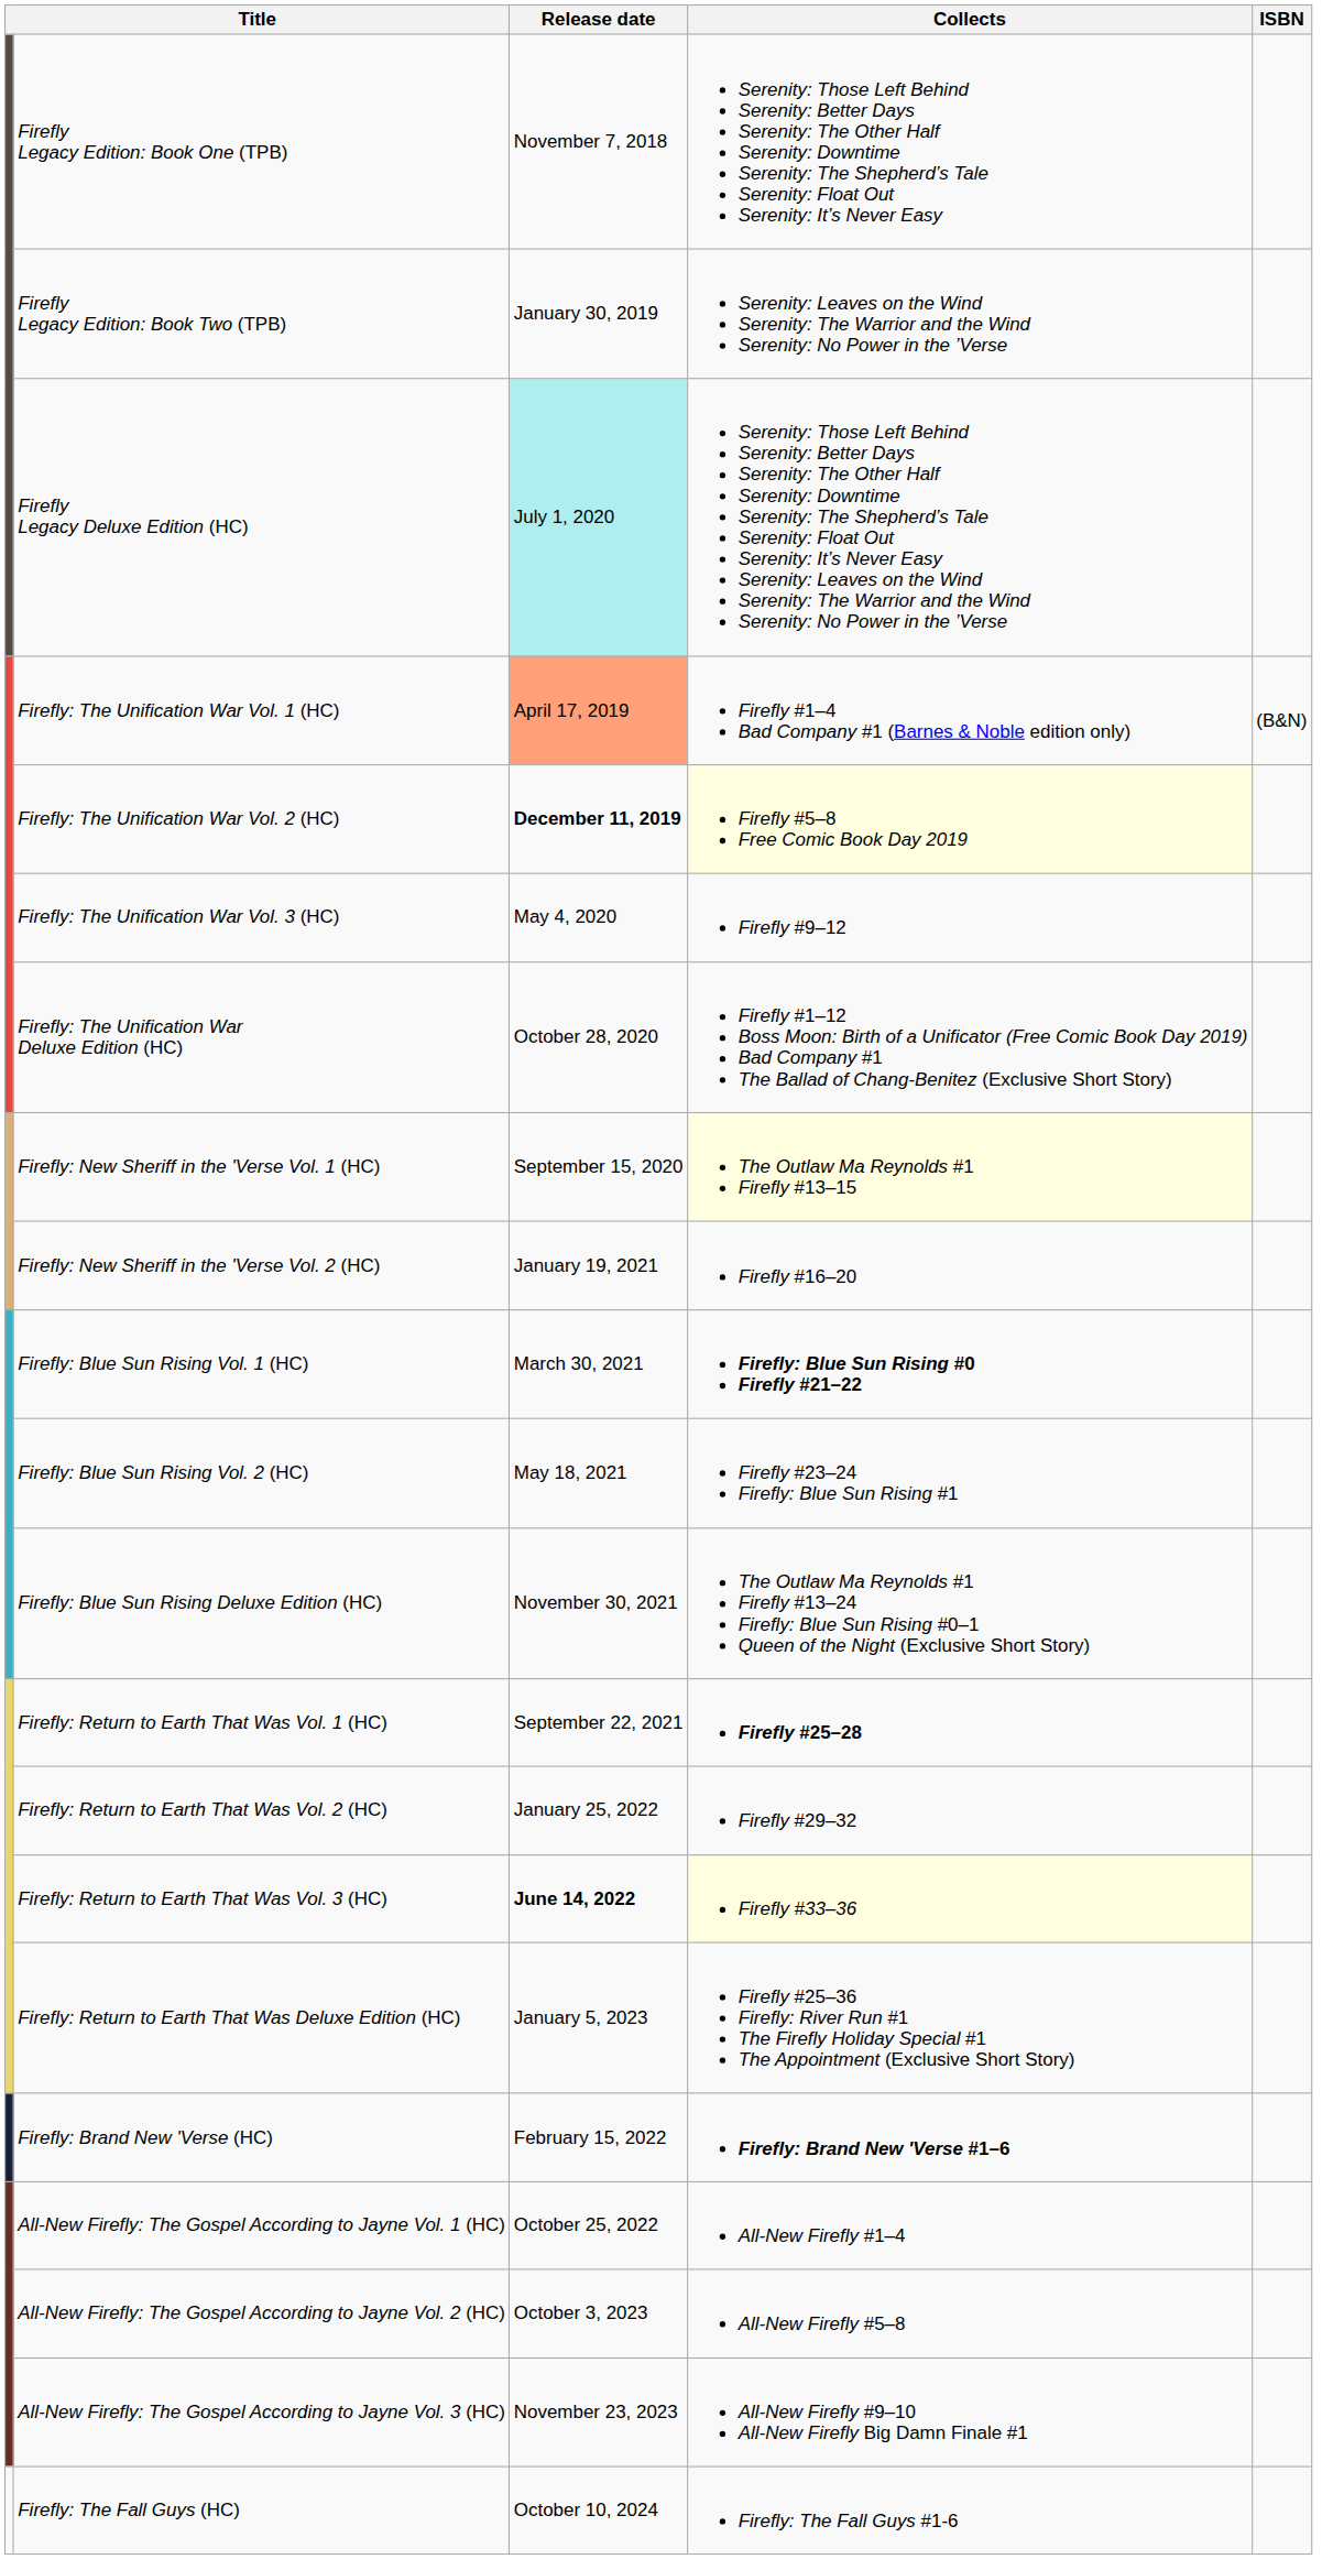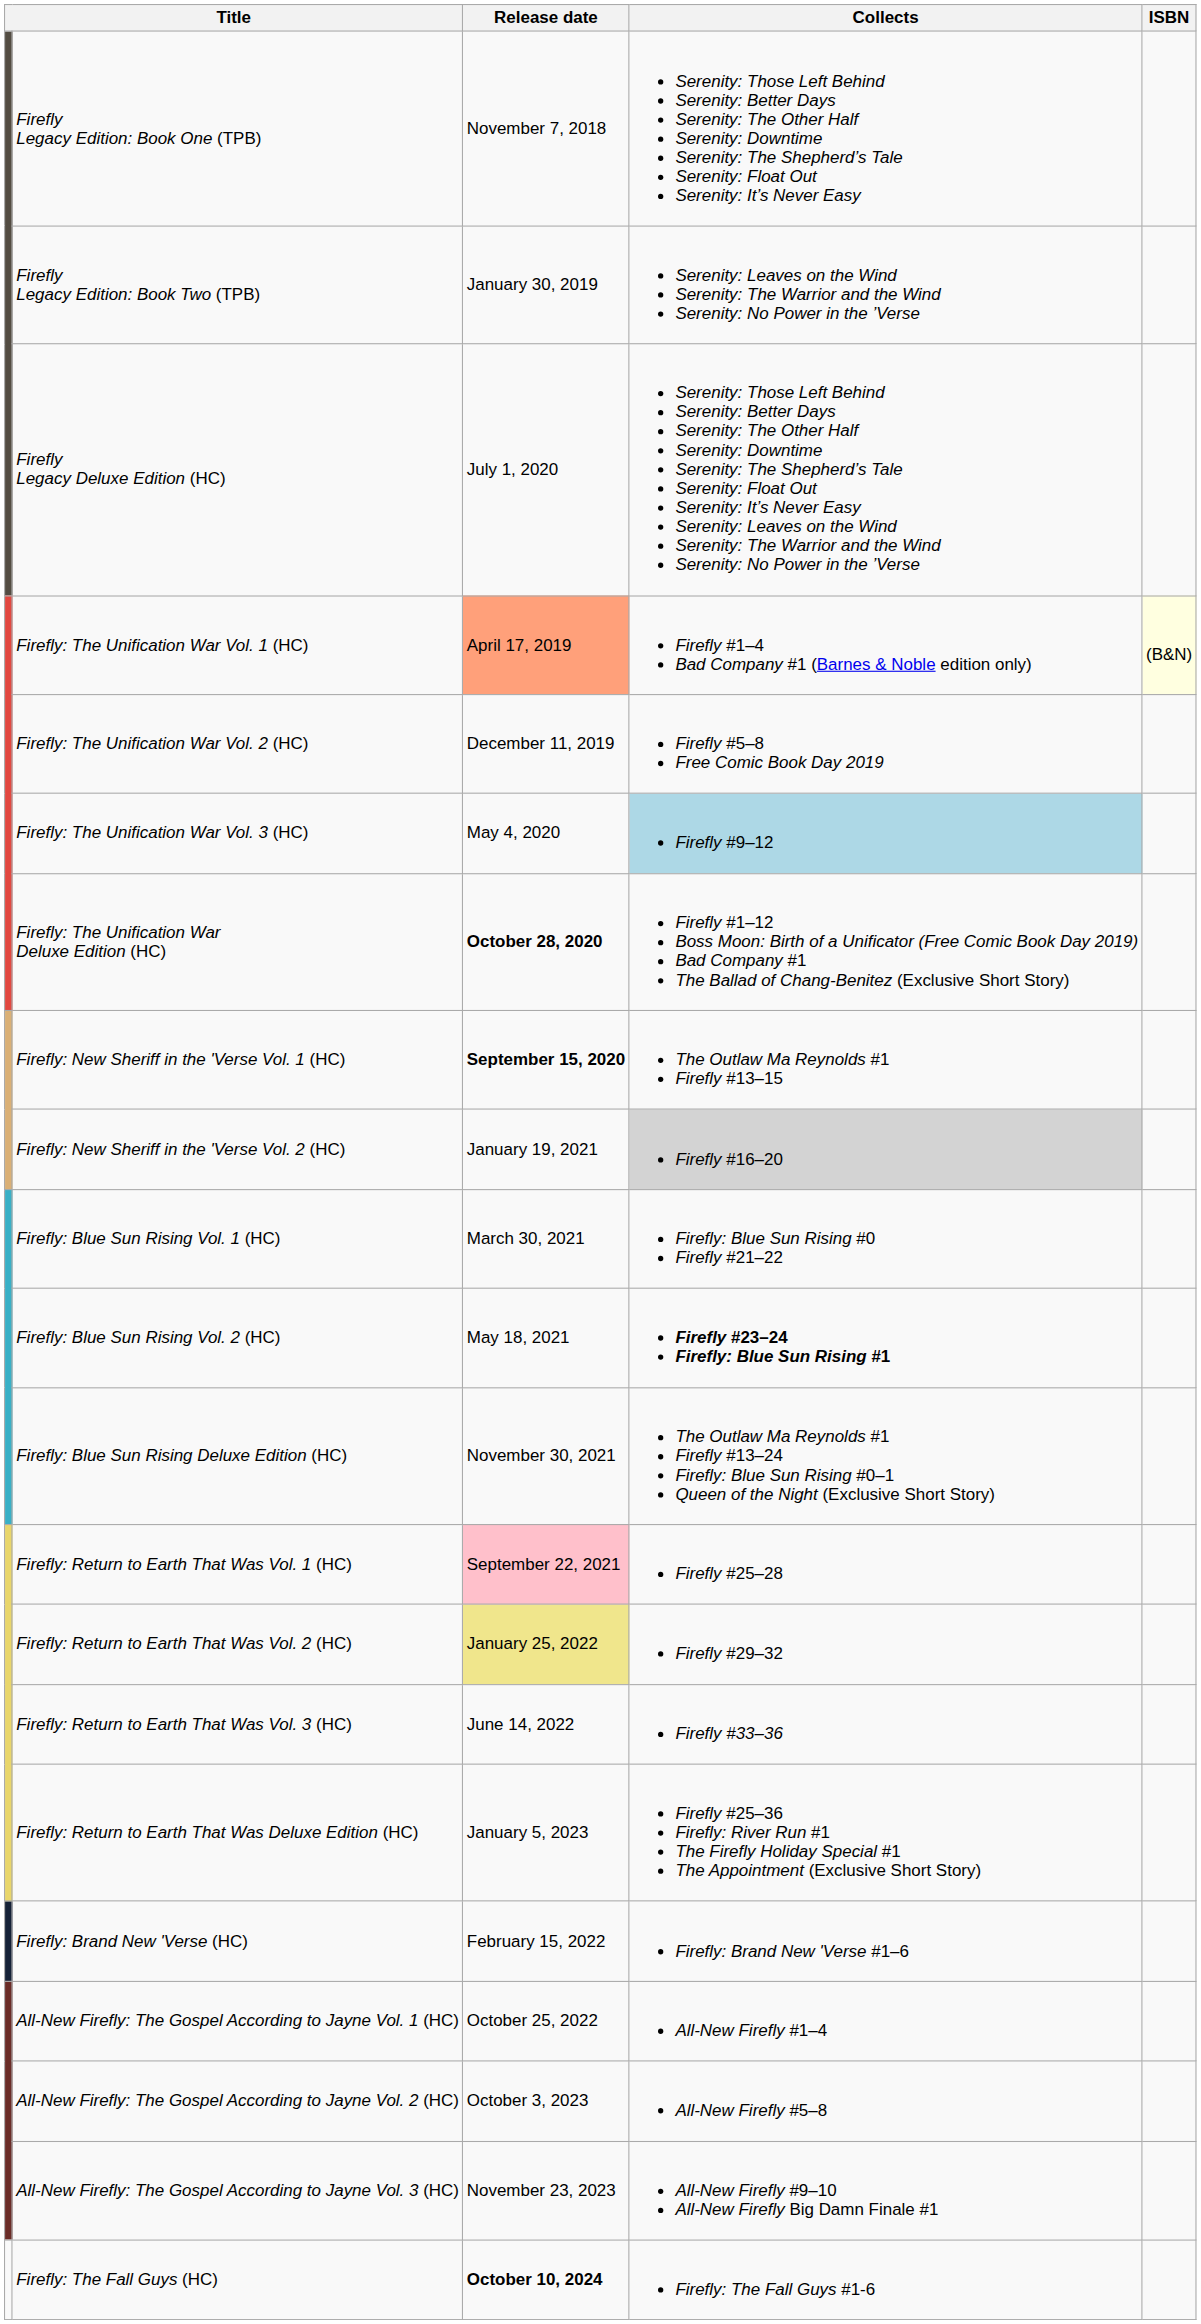 <table class="wikitable mw-collapsible">
 <tr>
 <th colspan=2>Title</th>
 <th>Release date</th>
 <th>Collects</th>
 <th>ISBN</th>
 </tr>
 <tr>
 <td rowspan=3 style="background: #534c42;"></td>
 <td><em>Firefly<br>Legacy Edition: Book One</em> (TPB)</td>
 <td>November 7, 2018</td>
 <td><br><ul><li><em>Serenity: Those Left Behind</em></li><li><em>Serenity: Better Days</em></li><li><em>Serenity: The Other Half</em></li><li><em>Serenity: Downtime</em></li><li><em>Serenity: The Shepherd’s Tale</em></li><li><em>Serenity: Float Out</em></li><li><em>Serenity: It’s Never Easy</em></li></ul></td>
 <td></td>
 </tr>
 <tr>
 <td><em>Firefly<br>Legacy Edition: Book Two</em> (TPB)</td>
 <td>January 30, 2019</td>
 <td><br><ul><li><em>Serenity: Leaves on the Wind</em></li><li><em>Serenity: The Warrior and the Wind</em></li><li><em>Serenity: No Power in the ’Verse</em></li></ul></td>
 <td></td>
 </tr>
 <tr>
 <td><em>Firefly<br>Legacy Deluxe Edition</em> (HC)</td>
-<td style="background: paleturquoise;">July 1, 2020</td>
+<td>July 1, 2020</td>
 <td><br><ul><li><em>Serenity: Those Left Behind</em></li><li><em>Serenity: Better Days</em></li><li><em>Serenity: The Other Half</em></li><li><em>Serenity: Downtime</em></li><li><em>Serenity: The Shepherd’s Tale</em></li><li><em>Serenity: Float Out</em></li><li><em>Serenity: It’s Never Easy</em></li><li><em>Serenity: Leaves on the Wind</em></li><li><em>Serenity: The Warrior and the Wind</em></li><li><em>Serenity: No Power in the ’Verse</em></li></ul></td>
 <td></td>
 </tr>
 <tr>
 <td rowspan=4 style="background: #e24840;"></td>
 <td><em>Firefly: The Unification War Vol. 1</em> (HC)</td>
 <td style="background: lightsalmon;">April 17, 2019</td>
 <td><br><ul><li><em>Firefly</em> #1–4</li><li><em>Bad Company</em> #1 (<a href='#'>Barnes & Noble</a> edition only)</li></ul></td>
-<td><br> (B&N)</td>
+<td style="background: lightyellow;"><br> (B&N)</td>
 </tr>
 <tr>
 <td><em>Firefly: The Unification War Vol. 2</em> (HC)</td>
-<td><strong>December 11, 2019</strong></td>
-<td style="background: lightyellow;"><br><ul><li><em>Firefly</em> #5–8</li><li><em>Free Comic Book Day 2019</em></li></ul></td>
+<td>December 11, 2019</td>
+<td><br><ul><li><em>Firefly</em> #5–8</li><li><em>Free Comic Book Day 2019</em></li></ul></td>
 <td></td>
 </tr>
 <tr>
 <td><em>Firefly: The Unification War Vol. 3</em> (HC)</td>
 <td>May 4, 2020</td>
-<td><br><ul><li><em>Firefly</em> #9–12</li></ul></td>
+<td style="background: lightblue;"><br><ul><li><em>Firefly</em> #9–12</li></ul></td>
 <td></td>
 </tr>
 <tr>
 <td><em>Firefly: The Unification War<br>Deluxe Edition</em> (HC)</td>
-<td>October 28, 2020</td>
+<td><strong>October 28, 2020</strong></td>
 <td><br><ul><li><em>Firefly</em> #1–12</li><li><em>Boss Moon: Birth of a Unificator (Free Comic Book Day 2019)</em></li><li><em>Bad Company</em> #1</li><li><em>The Ballad of Chang-Benitez</em> (Exclusive Short Story)</li></ul></td>
 <td></td>
 </tr>
 <tr>
 <td rowspan=2 style="background: #dab076;"></td>
 <td><em>Firefly: New Sheriff in the 'Verse Vol. 1</em> (HC)</td>
-<td>September 15, 2020</td>
-<td style="background: lightyellow;"><br><ul><li><em>The Outlaw Ma Reynolds</em> #1</li><li><em>Firefly</em> #13–15</li></ul></td>
+<td><strong>September 15, 2020</strong></td>
+<td><br><ul><li><em>The Outlaw Ma Reynolds</em> #1</li><li><em>Firefly</em> #13–15</li></ul></td>
 <td></td>
 </tr>
 <tr>
 <td><em>Firefly: New Sheriff in the 'Verse Vol. 2</em> (HC)</td>
 <td>January 19, 2021</td>
-<td><br><ul><li><em>Firefly</em> #16–20</li></ul></td>
+<td style="background: lightgrey;"><br><ul><li><em>Firefly</em> #16–20</li></ul></td>
 <td></td>
 </tr>
 <tr>
 <td rowspan="3" style="background: #39b0c6;"></td>
 <td><em>Firefly: Blue Sun Rising Vol. 1</em> (HC)</td>
 <td>March 30, 2021</td>
-<td><strong><br><ul><li><em>Firefly: Blue Sun Rising</em> #0</li><li><em>Firefly</em> #21–22</li></ul></strong></td>
+<td><br><ul><li><em>Firefly: Blue Sun Rising</em> #0</li><li><em>Firefly</em> #21–22</li></ul></td>
 <td></td>
 </tr>
 <tr>
 <td><em>Firefly: Blue Sun Rising Vol. 2</em> (HC)</td>
 <td>May 18, 2021</td>
-<td><br><ul><li><em>Firefly</em> #23–24</li><li><em>Firefly: Blue Sun Rising</em> #1</li></ul></td>
+<td><strong><br><ul><li><em>Firefly</em> #23–24</li><li><em>Firefly: Blue Sun Rising</em> #1</li></ul></strong></td>
 <td></td>
 </tr>
 <tr>
 <td><em>Firefly: Blue Sun Rising Deluxe Edition</em> (HC)</td>
 <td>November 30, 2021</td>
 <td><br><ul><li><em>The Outlaw Ma Reynolds</em> #1</li><li><em>Firefly</em> #13–24</li><li><em>Firefly: Blue Sun Rising</em> #0<em>–</em>1</li><li><em>Queen of the Night</em> (Exclusive Short Story)</li></ul></td>
 <td></td>
 </tr>
 <tr>
 <td rowspan="4" style="background: #e9d66b;"></td>
 <td><em>Firefly: Return to Earth That Was Vol. 1</em> (HC)</td>
-<td>September 22, 2021</td>
-<td><strong><br><ul><li><em>Firefly</em> #25–28</li></ul></strong></td>
+<td style="background: pink;">September 22, 2021</td>
+<td><br><ul><li><em>Firefly</em> #25–28</li></ul></td>
 <td></td>
 </tr>
 <tr>
 <td><em>Firefly: Return to Earth That Was Vol. 2</em> (HC)</td>
-<td>January 25, 2022</td>
+<td style="background: khaki;">January 25, 2022</td>
 <td><br><ul><li><em>Firefly</em> #29–32</li></ul></td>
 <td></td>
 </tr>
 <tr>
 <td><em>Firefly: Return to Earth That Was Vol. 3</em> (HC)</td>
-<td><strong>June 14, 2022</strong></td>
-<td style="background: lightyellow;"><br><ul><li><em>Firefly #33–36</em></li></ul></td>
+<td>June 14, 2022</td>
+<td><br><ul><li><em>Firefly #33–36</em></li></ul></td>
 <td></td>
 </tr>
 <tr>
 <td><em>Firefly: Return to Earth That Was Deluxe Edition</em> (HC)</td>
 <td>January 5, 2023</td>
 <td><br><ul><li><em>Firefly</em> #25<em>–</em>36</li><li><em>Firefly: River Run</em> #1</li><li><em>The Firefly Holiday Special</em> #1</li><li><em>The Appointment</em> (Exclusive Short Story)</li></ul></td>
 <td></td>
 </tr>
 <tr>
 <td style="background: #152137;"></td>
 <td><em>Firefly: Brand New 'Verse</em> (HC)</td>
 <td>February 15, 2022</td>
-<td><strong><br><ul><li><em>Firefly: Brand New 'Verse</em> #1<em>–</em>6</li></ul></strong></td>
+<td><br><ul><li><em>Firefly: Brand New 'Verse</em> #1<em>–</em>6</li></ul></td>
 <td></td>
 </tr>
 <tr>
 <td rowspan="3" style="background: #6a2c27;"></td>
 <td><em>All-New Firefly: The Gospel According to Jayne Vol. 1</em> (HC)</td>
 <td>October 25, 2022</td>
 <td><br><ul><li><em>All-New Firefly</em> #1–4</li></ul></td>
 <td></td>
 </tr>
 <tr>
 <td><em>All-New Firefly: The Gospel According to Jayne Vol. 2</em> (HC)</td>
 <td>October 3, 2023</td>
 <td><br><ul><li><em>All-New Firefly</em> #5–8</li></ul></td>
 <td></td>
 </tr>
 <tr>
 <td><em>All-New Firefly: The Gospel According to Jayne Vol. 3</em> (HC)</td>
 <td>November 23, 2023</td>
 <td><br><ul><li><em>All-New Firefly</em> #9–10</li><li><em>All-New Firefly</em> Big Damn Finale #1</li></ul></td>
 <td></td>
 </tr>
 <tr>
 <td></td>
 <td><em>Firefly: The Fall Guys</em> (HC)</td>
-<td>October 10, 2024</td>
+<td><strong>October 10, 2024</strong></td>
 <td><br><ul><li><em>Firefly: The Fall Guys</em> #1-6</li></ul></td>
 <td></td>
 </tr>
 </table>
